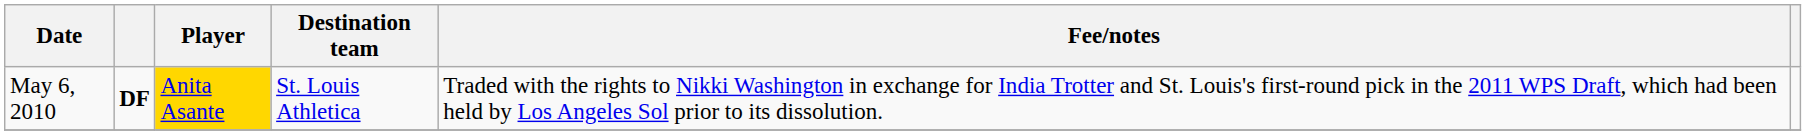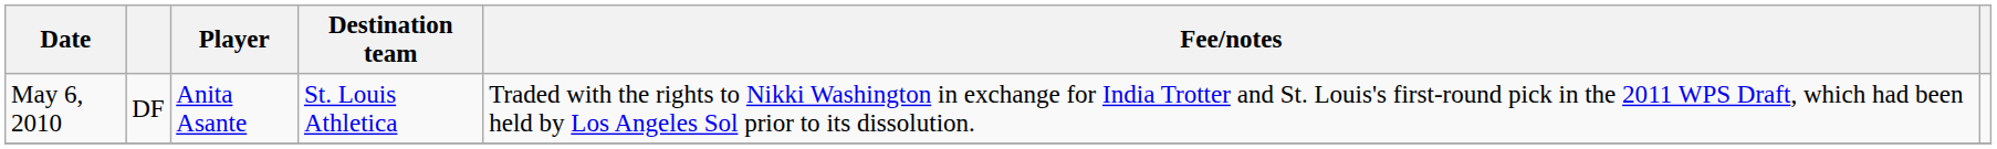 <table class="wikitable">
 <tr>
 <th>Date</th>
 <th></th>
 <th>Player</th>
 <th>Destination team</th>
 <th>Fee/notes</th>
 <th></th>
 </tr>
 <tr>
 <td>May 6, 2010</td>
-<td><strong>DF</strong></td>
-<td style="background: gold;"> <a href='#'>Anita Asante</a></td>
+<td>DF</td>
+<td> <a href='#'>Anita Asante</a></td>
 <td> <a href='#'>St. Louis Athletica</a></td>
 <td>Traded with the rights to <a href='#'>Nikki Washington</a> in exchange for <a href='#'>India Trotter</a> and St. Louis's first-round pick in the <a href='#'>2011 WPS Draft</a>, which had been held by <a href='#'>Los Angeles Sol</a> prior to its dissolution.</td>
 <td></td>
 </tr>
 <tr>
 </tr>
 </table>
